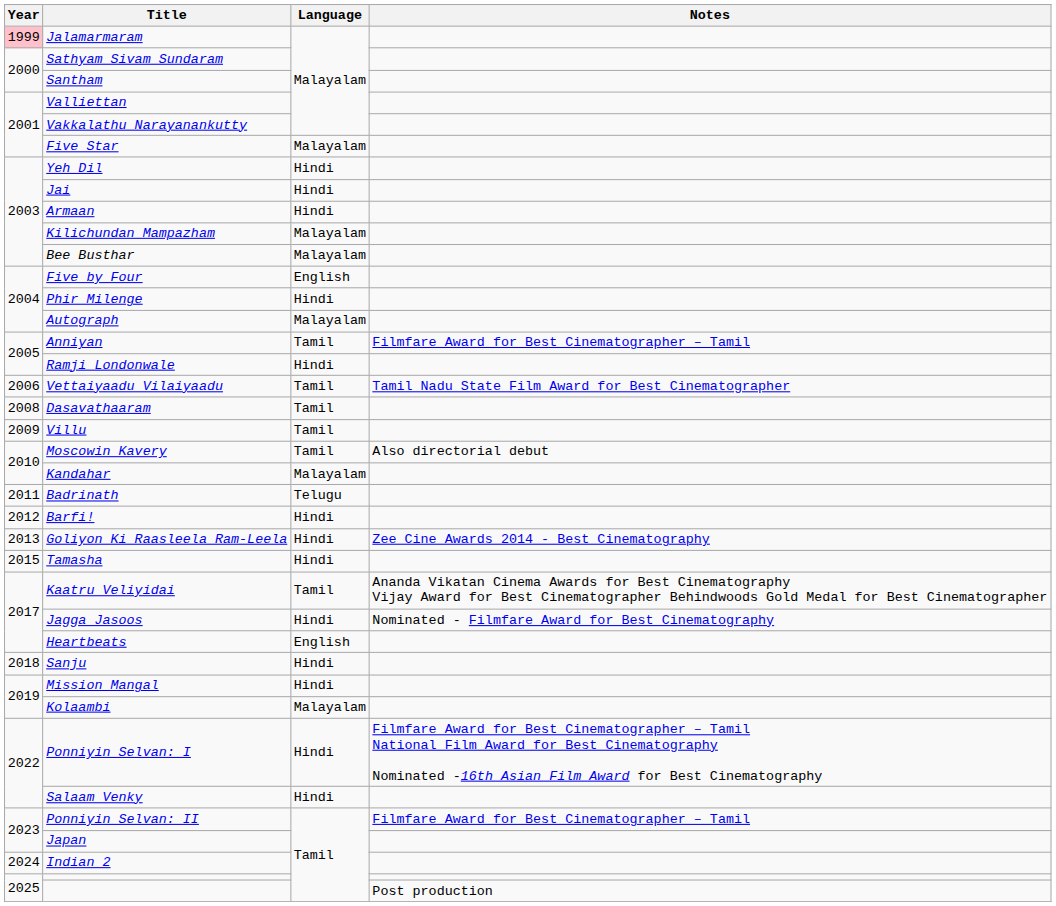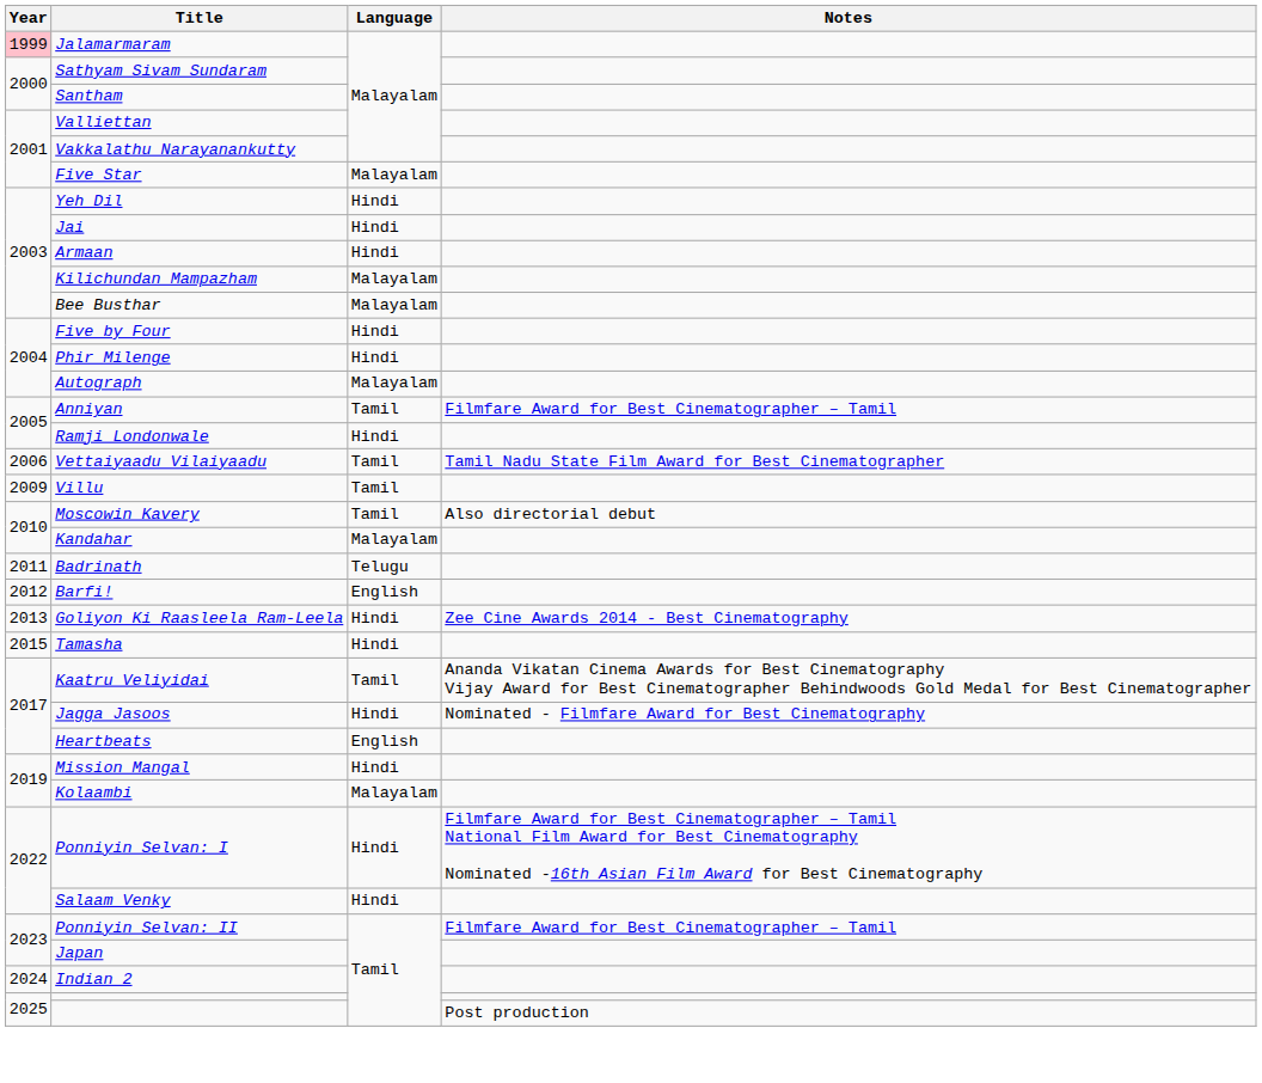 <table class="wikitable sortable">
 <tr>
 <th scope="col">Year</th>
 <th scope="col">Title</th>
 <th scope="col">Language</th>
 <th class="unsortable" scope="col">Notes</th>
 </tr>
 <tr>
 <td style="background: pink;">1999</td>
 <td><em><a href='#'>Jalamarmaram</a></em></td>
 <td rowspan="5">Malayalam</td>
 <td></td>
 </tr>
 <tr>
 <td rowspan="2">2000</td>
 <td><em><a href='#'>Sathyam Sivam Sundaram</a></em></td>
 <td></td>
 </tr>
 <tr>
 <td><em><a href='#'>Santham</a></em></td>
 <td></td>
 </tr>
 <tr>
 <td rowspan="3">2001</td>
 <td><em><a href='#'>Valliettan</a></em></td>
 <td></td>
 </tr>
 <tr>
 <td><em><a href='#'>Vakkalathu Narayanankutty</a></em></td>
 <td></td>
 </tr>
 <tr>
 <td><em><a href='#'>Five Star</a></em></td>
 <td>Malayalam</td>
 <td></td>
 </tr>
 <tr>
 <td rowspan="5">2003</td>
 <td><em><a href='#'>Yeh Dil</a></em></td>
 <td>Hindi</td>
 <td></td>
 </tr>
 <tr>
 <td><em><a href='#'>Jai</a></em></td>
 <td>Hindi</td>
 <td></td>
 </tr>
 <tr>
 <td><em><a href='#'>Armaan</a></em></td>
 <td>Hindi</td>
 <td></td>
 </tr>
 <tr>
 <td><em><a href='#'>Kilichundan Mampazham</a></em></td>
 <td>Malayalam</td>
 <td></td>
 </tr>
 <tr>
 <td><em>Bee Busthar</em></td>
 <td>Malayalam</td>
 <td></td>
 </tr>
 <tr>
 <td rowspan="3">2004</td>
 <td><em><a href='#'>Five by Four</a></em></td>
-<td>English</td>
+<td>Hindi</td>
 <td></td>
 </tr>
 <tr>
 <td><em><a href='#'>Phir Milenge</a></em></td>
 <td>Hindi</td>
 <td></td>
 </tr>
 <tr>
 <td><em><a href='#'>Autograph</a></em></td>
 <td>Malayalam</td>
 <td></td>
 </tr>
 <tr>
 <td rowspan="2">2005</td>
 <td><em><a href='#'>Anniyan</a></em></td>
 <td>Tamil</td>
 <td><a href='#'>Filmfare Award for Best Cinematographer – Tamil</a></td>
 </tr>
 <tr>
 <td><em><a href='#'>Ramji Londonwale</a></em></td>
 <td>Hindi</td>
 <td></td>
 </tr>
 <tr>
 <td>2006</td>
 <td><em><a href='#'>Vettaiyaadu Vilaiyaadu</a></em></td>
 <td>Tamil</td>
 <td><a href='#'>Tamil Nadu State Film Award for Best Cinematographer</a></td>
 </tr>
 <tr>
-<td>2008</td>
-<td><em><a href='#'>Dasavathaaram</a></em></td>
-<td>Tamil</td>
-<td></td>
-</tr>
-<tr>
 <td>2009</td>
 <td><em><a href='#'>Villu</a></em></td>
 <td>Tamil</td>
 <td></td>
 </tr>
 <tr>
 <td rowspan="2">2010</td>
 <td><em><a href='#'>Moscowin Kavery</a></em></td>
 <td>Tamil</td>
 <td>Also directorial debut</td>
 </tr>
 <tr>
 <td><em><a href='#'>Kandahar</a></em></td>
 <td>Malayalam</td>
 <td></td>
 </tr>
 <tr>
 <td>2011</td>
 <td><em><a href='#'>Badrinath</a></em></td>
 <td>Telugu</td>
 <td></td>
 </tr>
 <tr>
 <td>2012</td>
 <td><em><a href='#'>Barfi!</a></em></td>
-<td>Hindi</td>
+<td>English</td>
 <td></td>
 </tr>
 <tr>
 <td>2013</td>
 <td><em><a href='#'>Goliyon Ki Raasleela Ram-Leela</a></em></td>
 <td>Hindi</td>
 <td><a href='#'>Zee Cine Awards 2014 - Best Cinematography</a></td>
 </tr>
 <tr>
 <td>2015</td>
 <td><em><a href='#'>Tamasha</a></em></td>
 <td>Hindi</td>
 <td></td>
 </tr>
 <tr>
 <td rowspan="3">2017</td>
 <td><em><a href='#'>Kaatru Veliyidai</a></em></td>
 <td>Tamil</td>
 <td>Ananda Vikatan Cinema Awards for Best Cinematography<br>Vijay Award for Best Cinematographer Behindwoods Gold Medal for Best Cinematographer</td>
 </tr>
 <tr>
 <td><em><a href='#'>Jagga Jasoos</a></em></td>
 <td>Hindi</td>
 <td>Nominated - <a href='#'>Filmfare Award for Best Cinematography</a></td>
 </tr>
 <tr>
 <td><em><a href='#'>Heartbeats</a></em></td>
 <td>English</td>
-<td></td>
-</tr>
-<tr>
-<td>2018</td>
-<td><em><a href='#'>Sanju</a></em></td>
-<td>Hindi</td>
 <td></td>
 </tr>
 <tr>
 <td rowspan="2">2019</td>
 <td><em><a href='#'>Mission Mangal</a></em></td>
 <td>Hindi</td>
 <td></td>
 </tr>
 <tr>
 <td><em><a href='#'>Kolaambi</a></em></td>
 <td>Malayalam</td>
 <td></td>
 </tr>
 <tr>
 <td rowspan="2">2022</td>
 <td><em><a href='#'>Ponniyin Selvan: I</a></em></td>
 <td>Hindi</td>
 <td><a href='#'>Filmfare Award for Best Cinematographer – Tamil</a><br><a href='#'>National Film Award for Best Cinematography</a><br><br>Nominated -<a href='#'><em>16th Asian Film Award</em></a> for Best Cinematography</td>
 </tr>
 <tr>
 <td><em><a href='#'>Salaam Venky</a></em></td>
 <td>Hindi</td>
 <td></td>
 </tr>
 <tr>
 <td rowspan="2">2023</td>
 <td><em><a href='#'>Ponniyin Selvan: II</a></em></td>
 <td rowspan="5">Tamil</td>
 <td><a href='#'>Filmfare Award for Best Cinematographer – Tamil</a></td>
 </tr>
 <tr>
 <td><em><a href='#'>Japan</a></em></td>
 <td></td>
 </tr>
 <tr>
 <td>2024</td>
 <td><em><a href='#'>Indian 2</a></em></td>
 <td></td>
 </tr>
 <tr>
 <td rowspan="2">2025</td>
 <td></td>
 <td></td>
 </tr>
 <tr>
 <td></td>
 <td>Post production<br>   </td>
 </tr>
 </table>
